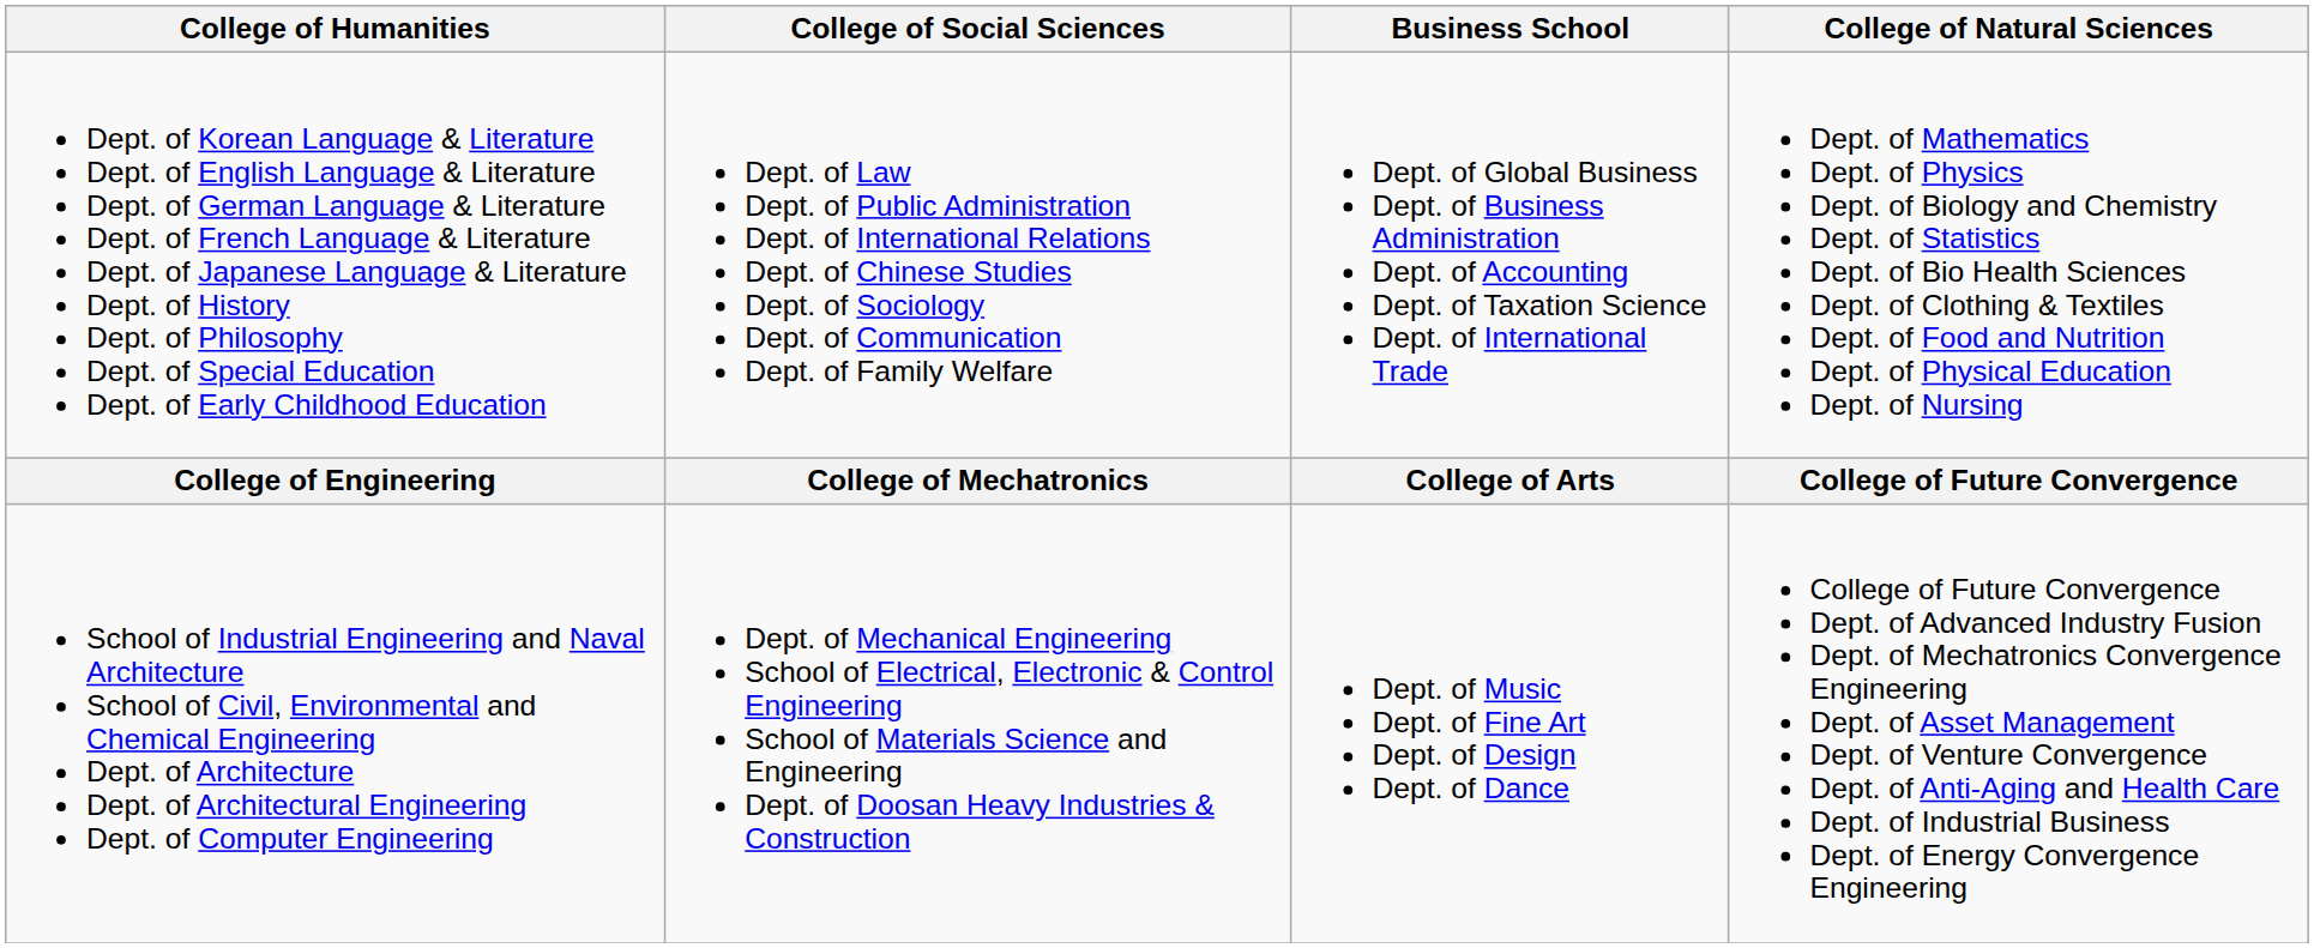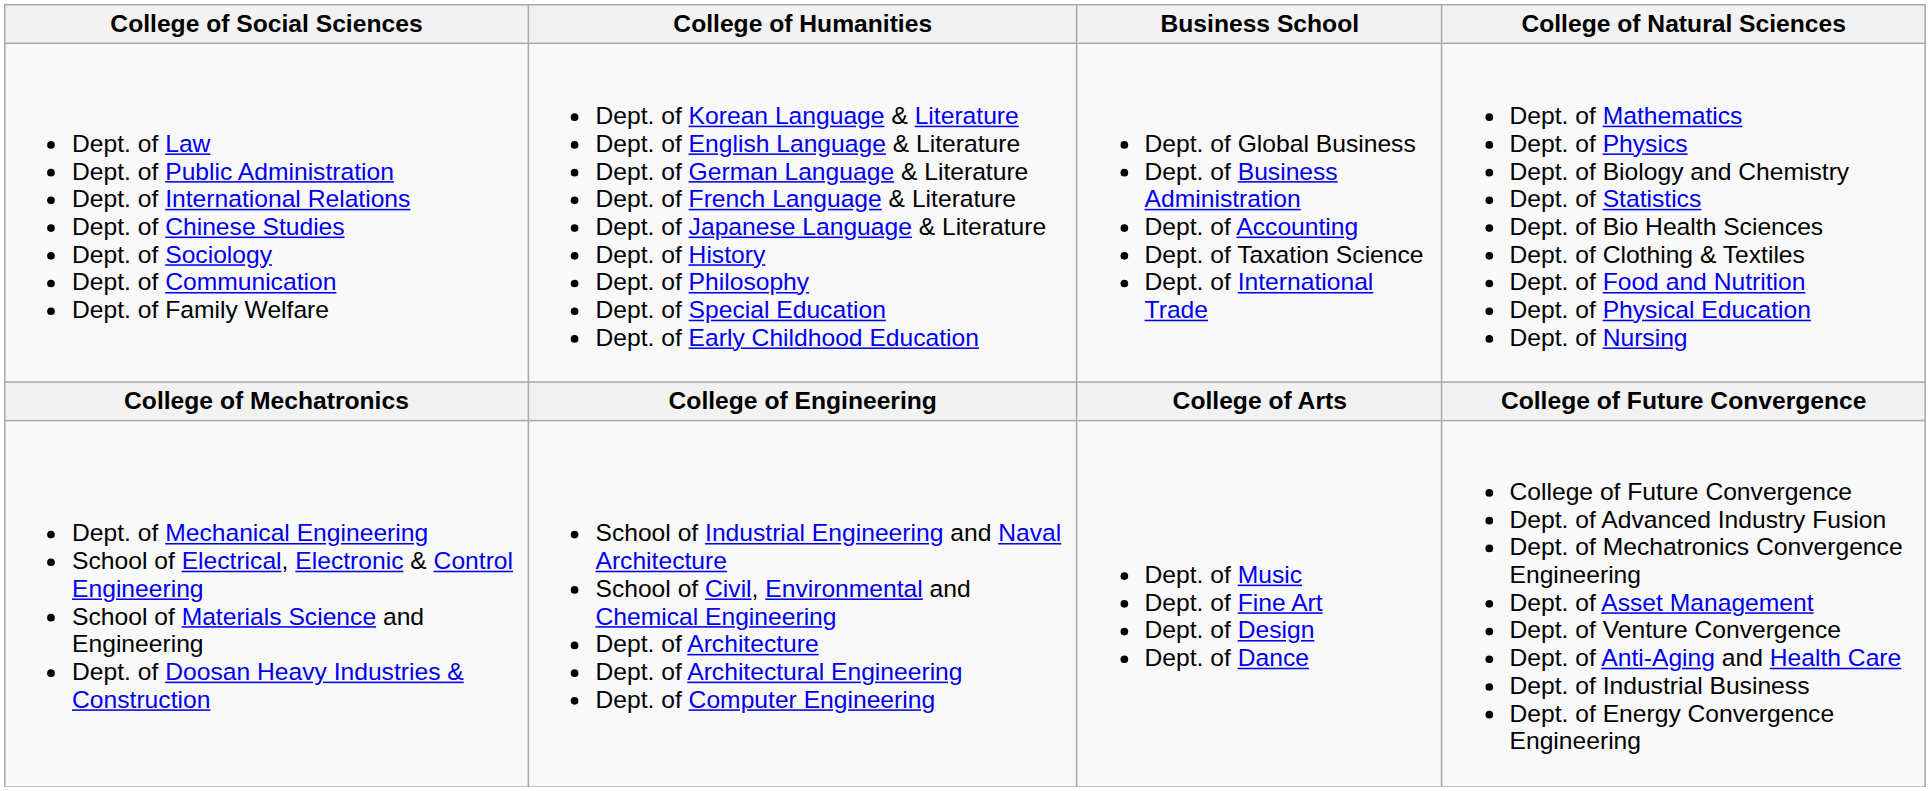 <table class="wikitable">
 <tr>
+<th>College of Social Sciences</th>
 <th>College of Humanities</th>
-<th>College of Social Sciences</th>
 <th>Business School</th>
 <th>College of Natural Sciences</th>
 </tr>
 <tr>
+<td><br><ul><li>Dept. of <a href='#'>Law</a></li><li>Dept. of <a href='#'>Public Administration</a></li><li>Dept. of <a href='#'>International Relations</a></li><li>Dept. of <a href='#'>Chinese Studies</a></li><li>Dept. of <a href='#'>Sociology</a></li><li>Dept. of <a href='#'>Communication</a></li><li>Dept. of Family Welfare</li></ul></td>
 <td><br><ul><li>Dept. of <a href='#'>Korean Language</a> & <a href='#'>Literature</a></li><li>Dept. of <a href='#'>English Language</a> & Literature</li><li>Dept. of <a href='#'>German Language</a> & Literature</li><li>Dept. of <a href='#'>French Language</a> & Literature</li><li>Dept. of <a href='#'>Japanese Language</a> & Literature</li><li>Dept. of <a href='#'>History</a></li><li>Dept. of <a href='#'>Philosophy</a></li><li>Dept. of <a href='#'>Special Education</a></li><li>Dept. of <a href='#'>Early Childhood Education</a></li></ul></td>
-<td><br><ul><li>Dept. of <a href='#'>Law</a></li><li>Dept. of <a href='#'>Public Administration</a></li><li>Dept. of <a href='#'>International Relations</a></li><li>Dept. of <a href='#'>Chinese Studies</a></li><li>Dept. of <a href='#'>Sociology</a></li><li>Dept. of <a href='#'>Communication</a></li><li>Dept. of Family Welfare</li></ul></td>
 <td><br><ul><li>Dept. of Global Business</li><li>Dept. of <a href='#'>Business Administration</a></li><li>Dept. of <a href='#'>Accounting</a></li><li>Dept. of Taxation Science</li><li>Dept. of <a href='#'>International Trade</a></li></ul></td>
 <td><br><ul><li>Dept. of <a href='#'>Mathematics</a></li><li>Dept. of <a href='#'>Physics</a></li><li>Dept. of Biology and Chemistry</li><li>Dept. of <a href='#'>Statistics</a></li><li>Dept. of Bio Health Sciences</li><li>Dept. of Clothing & Textiles</li><li>Dept. of <a href='#'>Food and Nutrition</a></li><li>Dept. of <a href='#'>Physical Education</a></li><li>Dept. of <a href='#'>Nursing</a></li></ul></td>
 </tr>
 <tr>
+<th>College of Mechatronics</th>
 <th>College of Engineering</th>
-<th>College of Mechatronics</th>
 <th>College of Arts</th>
 <th>College of Future Convergence</th>
 </tr>
 <tr>
+<td><br><ul><li>Dept. of <a href='#'>Mechanical Engineering</a></li><li>School of <a href='#'>Electrical</a>, <a href='#'>Electronic</a> & <a href='#'>Control Engineering</a></li><li>School of <a href='#'>Materials Science</a> and Engineering</li><li>Dept. of <a href='#'>Doosan Heavy Industries & Construction</a></li></ul></td>
 <td><br><ul><li>School of <a href='#'>Industrial Engineering</a> and <a href='#'>Naval Architecture</a></li><li>School of <a href='#'>Civil</a>, <a href='#'>Environmental</a> and <a href='#'>Chemical Engineering</a></li><li>Dept. of <a href='#'>Architecture</a></li><li>Dept. of <a href='#'>Architectural Engineering</a></li><li>Dept. of <a href='#'>Computer Engineering</a></li></ul></td>
-<td><br><ul><li>Dept. of <a href='#'>Mechanical Engineering</a></li><li>School of <a href='#'>Electrical</a>, <a href='#'>Electronic</a> & <a href='#'>Control Engineering</a></li><li>School of <a href='#'>Materials Science</a> and Engineering</li><li>Dept. of <a href='#'>Doosan Heavy Industries & Construction</a></li></ul></td>
 <td><br><ul><li>Dept. of <a href='#'>Music</a></li><li>Dept. of <a href='#'>Fine Art</a></li><li>Dept. of <a href='#'>Design</a></li><li>Dept. of <a href='#'>Dance</a></li></ul></td>
 <td><br><ul><li>College of Future Convergence</li><li>Dept. of Advanced Industry Fusion</li><li>Dept. of Mechatronics Convergence Engineering</li><li>Dept. of <a href='#'>Asset Management</a></li><li>Dept. of Venture Convergence</li><li>Dept. of <a href='#'>Anti-Aging</a> and <a href='#'>Health Care</a></li><li>Dept. of Industrial Business</li><li>Dept. of Energy Convergence Engineering</li></ul></td>
 </tr>
 </table>
